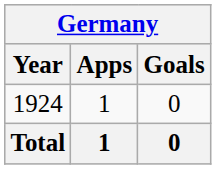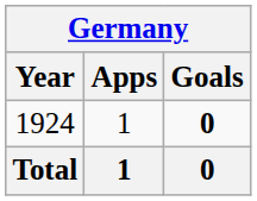 <table class="wikitable" style="text-align:center">
 <tr>
 <th colspan=3><a href='#'>Germany</a></th>
 </tr>
 <tr>
 <th>Year</th>
 <th>Apps</th>
 <th>Goals</th>
 </tr>
 <tr>
 <td>1924</td>
 <td>1</td>
-<td>0</td>
+<td><strong>0</strong></td>
 </tr>
 <tr>
 <th>Total</th>
 <th>1</th>
 <th>0</th>
 </tr>
 </table>
